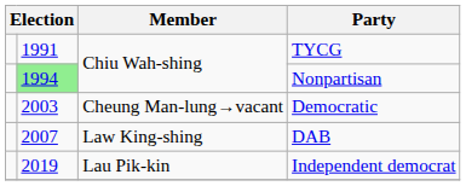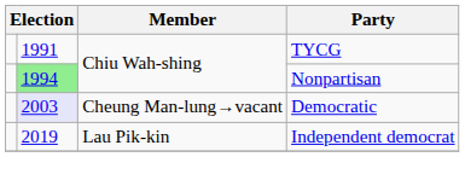 <table class="wikitable">
 <tr>
 <th colspan="2">Election</th>
 <th>Member</th>
 <th>Party</th>
 </tr>
 <tr>
 <td style="color:inherit;background:"></td>
 <td><a href='#'>1991</a></td>
 <td rowspan=2>Chiu Wah-shing</td>
 <td><a href='#'>TYCG</a></td>
 </tr>
 <tr>
 <td style="color:inherit;background:"></td>
 <td style="background: lightgreen;"><a href='#'>1994</a></td>
 <td><a href='#'>Nonpartisan</a></td>
 </tr>
 <tr>
 <td style="color:inherit;background:"></td>
-<td><a href='#'>2003</a></td>
+<td style="background: lavender;"><a href='#'>2003</a></td>
 <td>Cheung Man-lung→vacant</td>
 <td><a href='#'>Democratic</a></td>
-</tr>
-<tr>
-<td style="color:inherit;background:"></td>
-<td><a href='#'>2007</a></td>
-<td>Law King-shing</td>
-<td><a href='#'>DAB</a></td>
 </tr>
 <tr>
 <td style="color:inherit;background:"></td>
 <td><a href='#'>2019</a></td>
 <td>Lau Pik-kin</td>
 <td><a href='#'>Independent democrat</a></td>
 </tr>
 <tr>
 </tr>
 </table>
